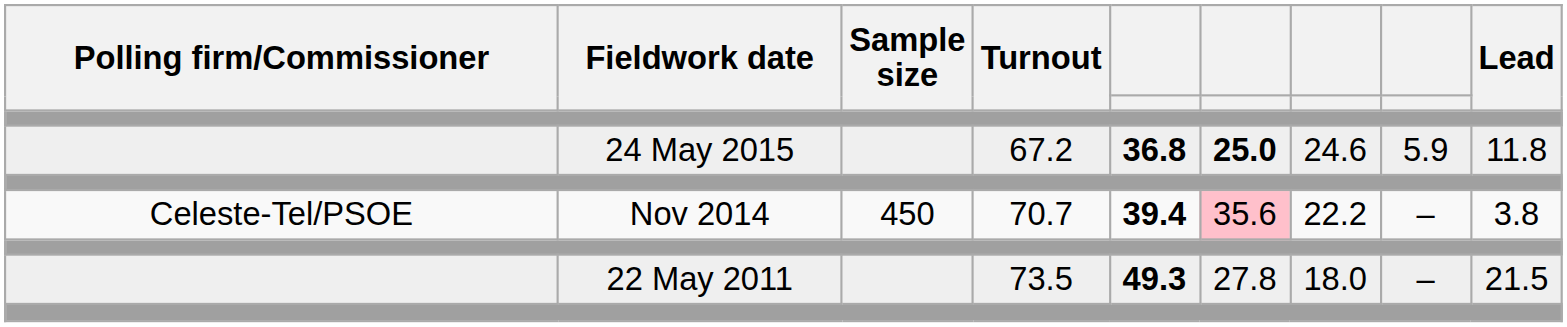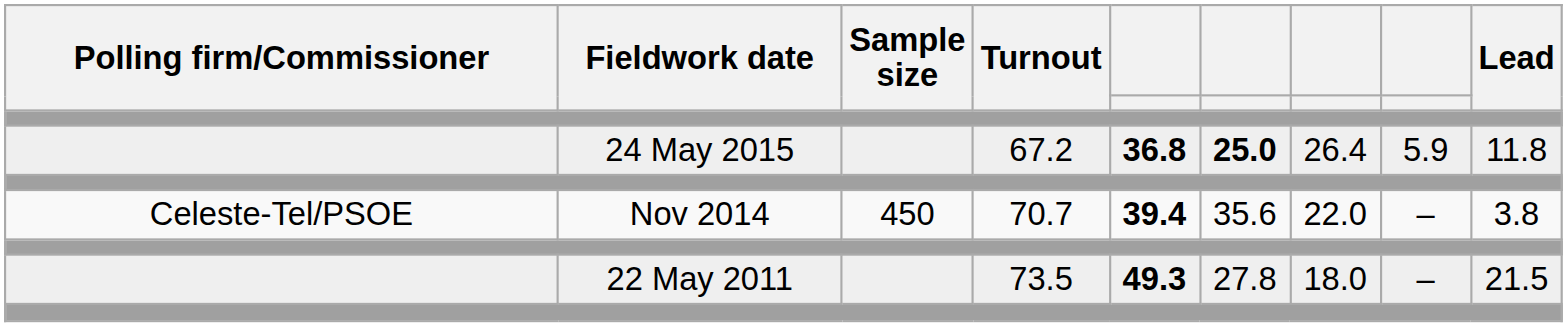 <table class="wikitable collapsible collapsed" style="text-align:center; font-size:95%; line-height:16px;">
 <tr style="height:42px;">
 <th style="width:250px;" rowspan="2">Polling firm/Commissioner</th>
 <th style="width:125px;" rowspan="2">Fieldwork date</th>
 <th style="width:50px;" rowspan="2">Sample size</th>
 <th style="width:45px;" rowspan="2">Turnout</th>
 <th style="width:35px;"></th>
 <th style="width:35px;"></th>
 <th style="width:35px;"></th>
 <th style="width:35px;"></th>
 <th style="width:30px;" rowspan="2">Lead</th>
 </tr>
 <tr>
 <th style="color:inherit;background:"></th>
 <th style="color:inherit;background:"></th>
 <th style="color:inherit;background:"></th>
 <th style="color:inherit;background:"></th>
 </tr>
 <tr>
 <td colspan="9" style="background:#A0A0A0"></td>
 </tr>
 <tr style="background:#EFEFEF;">
 <td><strong></strong></td>
 <td>24 May 2015</td>
 <td></td>
 <td>67.2</td>
 <td><strong>36.8</strong><br></td>
 <td><strong>25.0<br></strong></td>
-<td>24.6<br></td>
+<td>26.4<br></td>
 <td>5.9<br></td>
 <td style="background:">11.8</td>
 </tr>
 <tr>
 <td colspan="9" style="background:#A0A0A0"></td>
 </tr>
 <tr>
 <td>Celeste-Tel/PSOE</td>
 <td>Nov 2014</td>
 <td>450</td>
 <td>70.7</td>
 <td><strong>39.4</strong><br></td>
-<td style="background: pink;">35.6<br></td>
-<td>22.2<br></td>
+<td>35.6<br></td>
+<td>22.0<br></td>
 <td>–</td>
 <td style="background:">3.8</td>
 </tr>
 <tr>
 <td colspan="9" style="background:#A0A0A0"></td>
 </tr>
 <tr style="background:#EFEFEF;">
 <td><strong></strong></td>
 <td>22 May 2011</td>
 <td></td>
 <td>73.5</td>
 <td><strong>49.3</strong><br></td>
 <td>27.8<br></td>
 <td>18.0<br></td>
 <td>–</td>
 <td style="background:">21.5</td>
 </tr>
 <tr>
 <td colspan="9" style="background:#A0A0A0"></td>
 </tr>
 </table>
